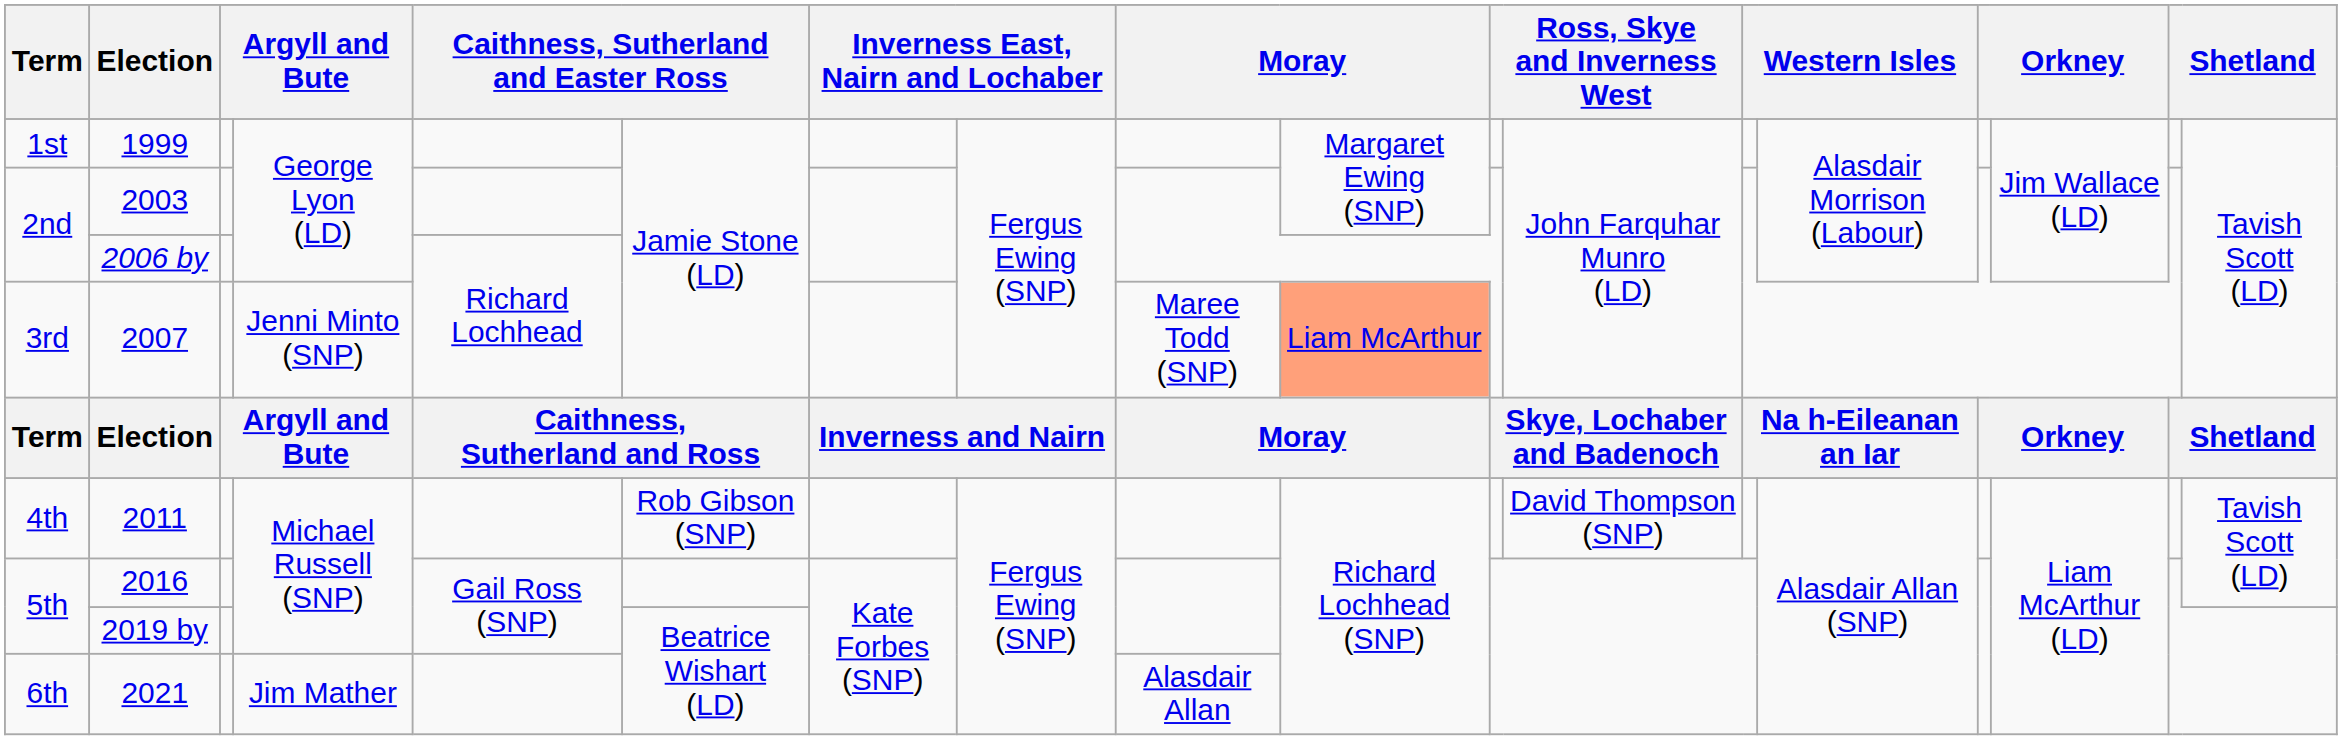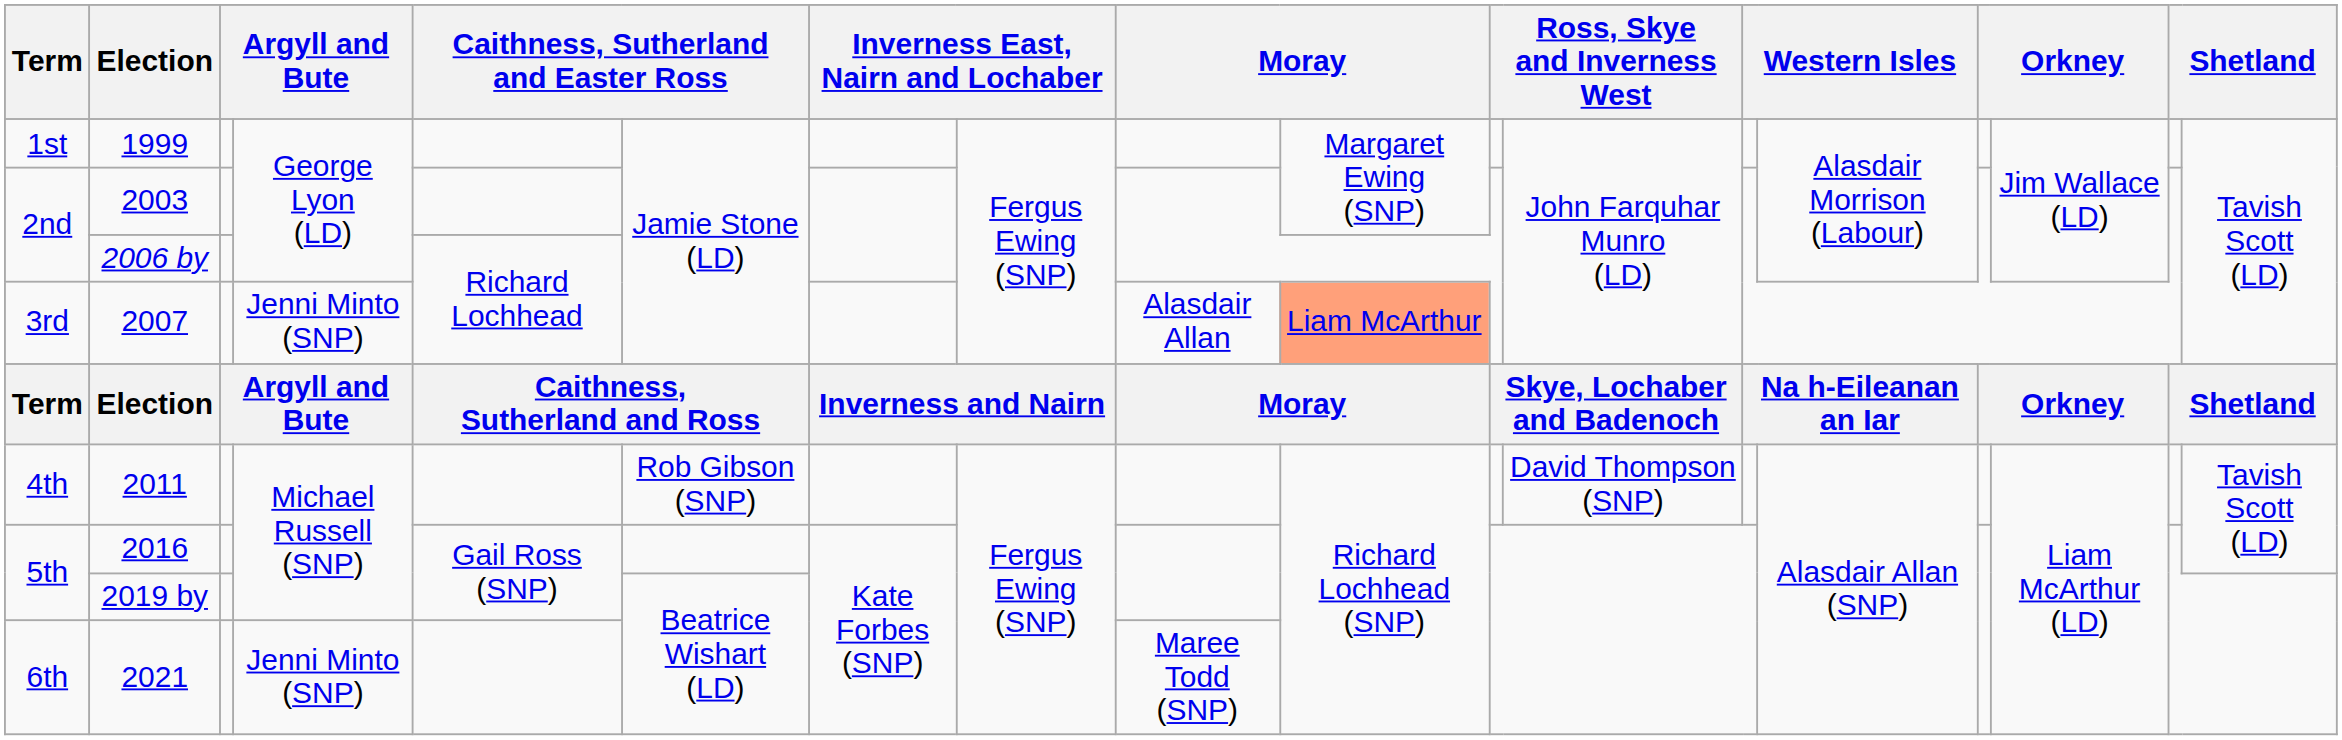 <table class="wikitable" style="text-align:center">
 <tr>
 <th>Term</th>
 <th>Election</th>
 <th colspan="2"><a href='#'>Argyll and Bute</a></th>
 <th colspan="2"><a href='#'>Caithness, Sutherland <br> and Easter Ross</a></th>
 <th colspan="2"><a href='#'>Inverness East, <br> Nairn and Lochaber</a></th>
 <th colspan="2"><a href='#'>Moray</a></th>
 <th colspan="2"><a href='#'>Ross, Skye <br> and Inverness West</a></th>
 <th colspan="2"><a href='#'>Western Isles</a></th>
 <th colspan="2"><a href='#'>Orkney</a></th>
 <th colspan="2"><a href='#'>Shetland</a></th>
 </tr>
 <tr>
 <td><a href='#'>1st</a></td>
 <td><a href='#'>1999</a></td>
 <td></td>
 <td rowspan="3"><a href='#'>George Lyon</a><br>(<a href='#'>LD</a>)</td>
 <td></td>
 <td rowspan="4"><a href='#'>Jamie Stone</a><br>(<a href='#'>LD</a>)</td>
 <td></td>
 <td rowspan="4"><a href='#'>Fergus Ewing</a><br>(<a href='#'>SNP</a>)</td>
 <td></td>
 <td rowspan="2"><a href='#'>Margaret Ewing</a> <br>(<a href='#'>SNP</a>)</td>
 <td></td>
 <td rowspan="4"><a href='#'>John Farquhar Munro</a><br>(<a href='#'>LD</a>)</td>
 <td></td>
 <td rowspan="3"><a href='#'>Alasdair Morrison</a><br>(<a href='#'>Labour</a>)</td>
 <td></td>
 <td rowspan="3"><a href='#'>Jim Wallace</a><br>(<a href='#'>LD</a>)</td>
 <td></td>
 <td rowspan="4"><a href='#'>Tavish Scott</a><br>(<a href='#'>LD</a>)</td>
 </tr>
 <tr>
 <td rowspan="2"><a href='#'>2nd</a></td>
 <td><a href='#'>2003</a></td>
 </tr>
 <tr>
 <td><em><a href='#'>2006 by</a></em></td>
 <td></td>
 <td rowspan="2"><a href='#'>Richard Lochhead</a><br></td>
 </tr>
 <tr>
 <td><a href='#'>3rd</a></td>
 <td><a href='#'>2007</a></td>
 <td></td>
 <td><a href='#'>Jenni Minto</a><br>(<a href='#'>SNP</a>)</td>
 <td></td>
-<td><a href='#'>Maree Todd</a><br>(<a href='#'>SNP</a>)</td>
+<td><a href='#'>Alasdair Allan</a><br></td>
 <td style="background: lightsalmon;"><a href='#'>Liam McArthur</a><br></td>
 </tr>
 <tr>
 <th>Term</th>
 <th>Election</th>
 <th colspan="2"><a href='#'>Argyll and Bute</a></th>
 <th colspan="2"><a href='#'>Caithness, <br> Sutherland and Ross</a></th>
 <th colspan="2"><a href='#'>Inverness and Nairn</a></th>
 <th colspan="2"><a href='#'>Moray</a></th>
 <th colspan="2"><a href='#'>Skye, Lochaber <br>and Badenoch</a></th>
 <th colspan="2"><a href='#'>Na h-Eileanan an Iar</a></th>
 <th colspan="2"><a href='#'>Orkney</a></th>
 <th colspan="2"><a href='#'>Shetland</a></th>
 </tr>
 <tr>
 <td><a href='#'>4th</a></td>
 <td><a href='#'>2011</a></td>
 <td></td>
 <td rowspan="3"><a href='#'>Michael Russell</a><br>(<a href='#'>SNP</a>)</td>
 <td></td>
 <td><a href='#'>Rob Gibson</a><br>(<a href='#'>SNP</a>)</td>
 <td></td>
 <td rowspan="4"><a href='#'>Fergus Ewing</a><br>(<a href='#'>SNP</a>)</td>
 <td></td>
 <td rowspan="4"><a href='#'>Richard Lochhead</a><br>(<a href='#'>SNP</a>)</td>
 <td></td>
 <td><a href='#'>David Thompson</a><br>(<a href='#'>SNP</a>)</td>
 <td></td>
 <td rowspan="4"><a href='#'>Alasdair Allan</a><br>(<a href='#'>SNP</a>)</td>
 <td></td>
 <td rowspan="4"><a href='#'>Liam McArthur</a><br>(<a href='#'>LD</a>)</td>
 <td></td>
 <td rowspan="2"><a href='#'>Tavish Scott</a> <br>(<a href='#'>LD</a>)</td>
 </tr>
 <tr>
 <td rowspan=2><a href='#'>5th</a></td>
 <td><a href='#'>2016</a></td>
 <td></td>
 <td rowspan="2"><a href='#'>Gail Ross</a><br>(<a href='#'>SNP</a>)</td>
 <td></td>
 <td rowspan="3"><a href='#'>Kate Forbes</a><br>(<a href='#'>SNP</a>)</td>
 </tr>
 <tr>
 <td><a href='#'>2019 by</a></td>
 <td></td>
 <td rowspan="2"><a href='#'>Beatrice Wishart</a><br>(<a href='#'>LD</a>)</td>
 </tr>
 <tr>
 <td><a href='#'>6th</a></td>
 <td><a href='#'>2021</a></td>
 <td></td>
-<td><a href='#'>Jim Mather</a><br></td>
+<td><a href='#'>Jenni Minto</a><br>(<a href='#'>SNP</a>)</td>
 <td></td>
-<td><a href='#'>Alasdair Allan</a><br></td>
+<td><a href='#'>Maree Todd</a><br>(<a href='#'>SNP</a>)</td>
 </tr>
 </table>
